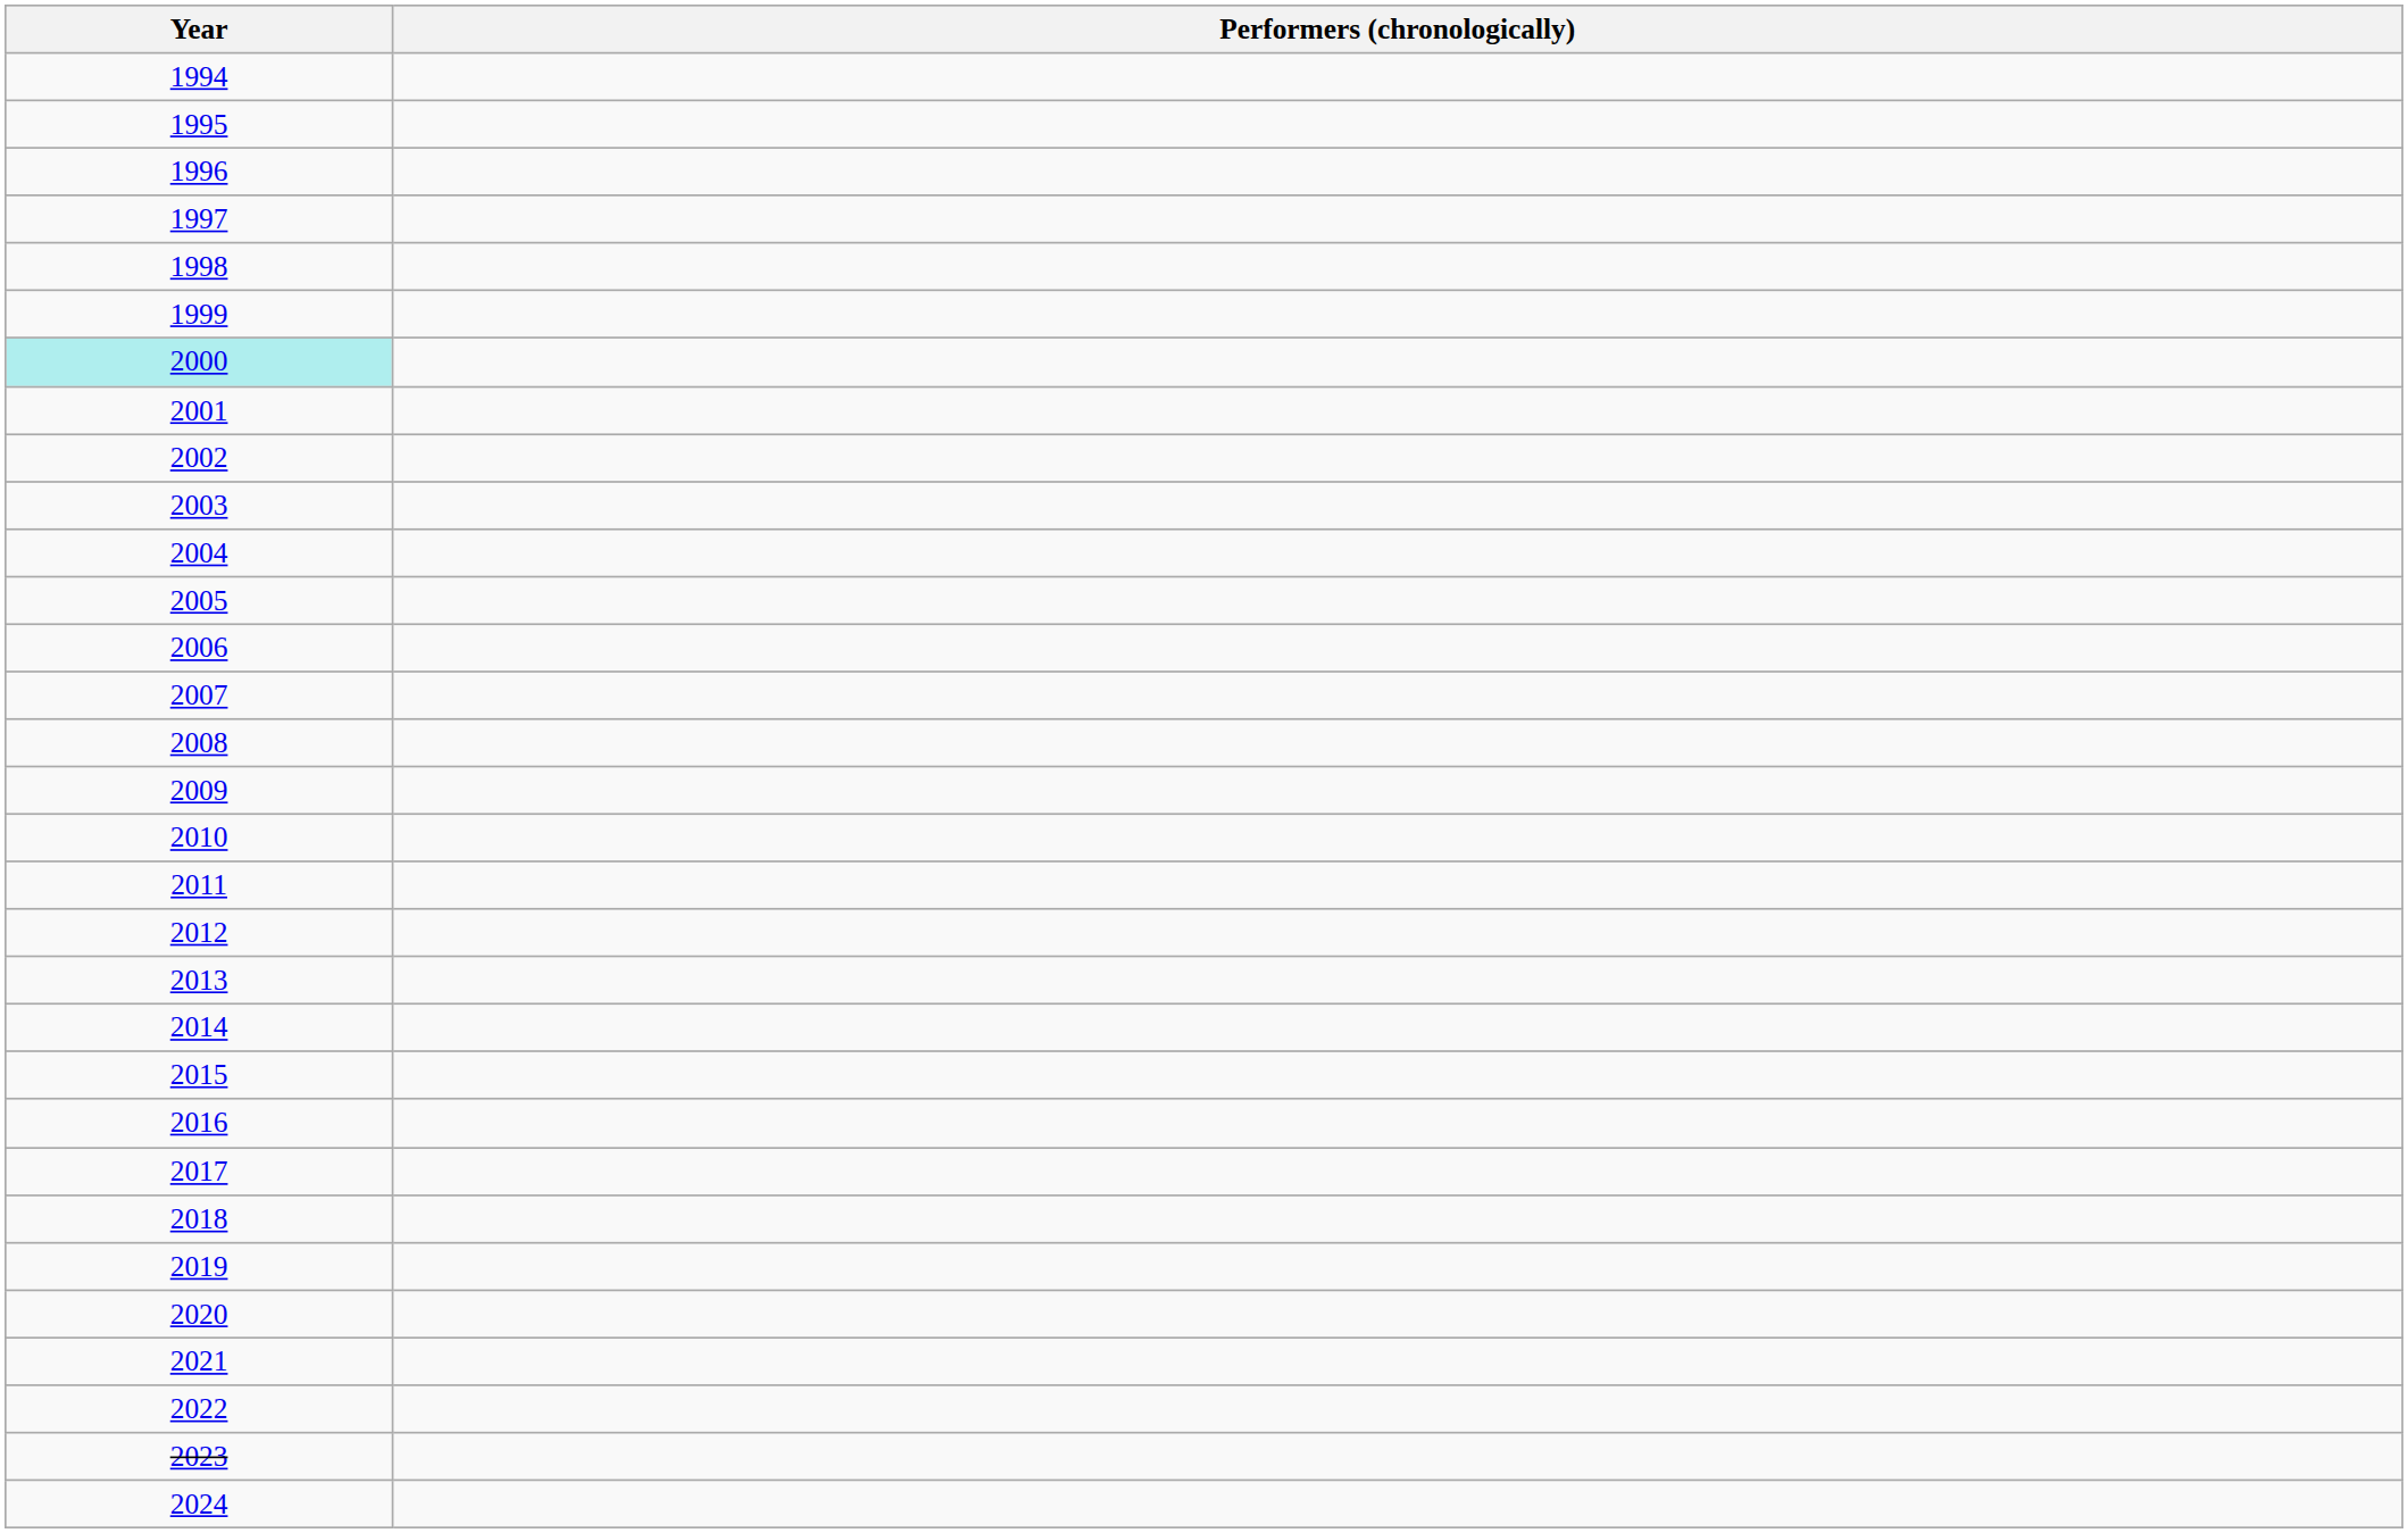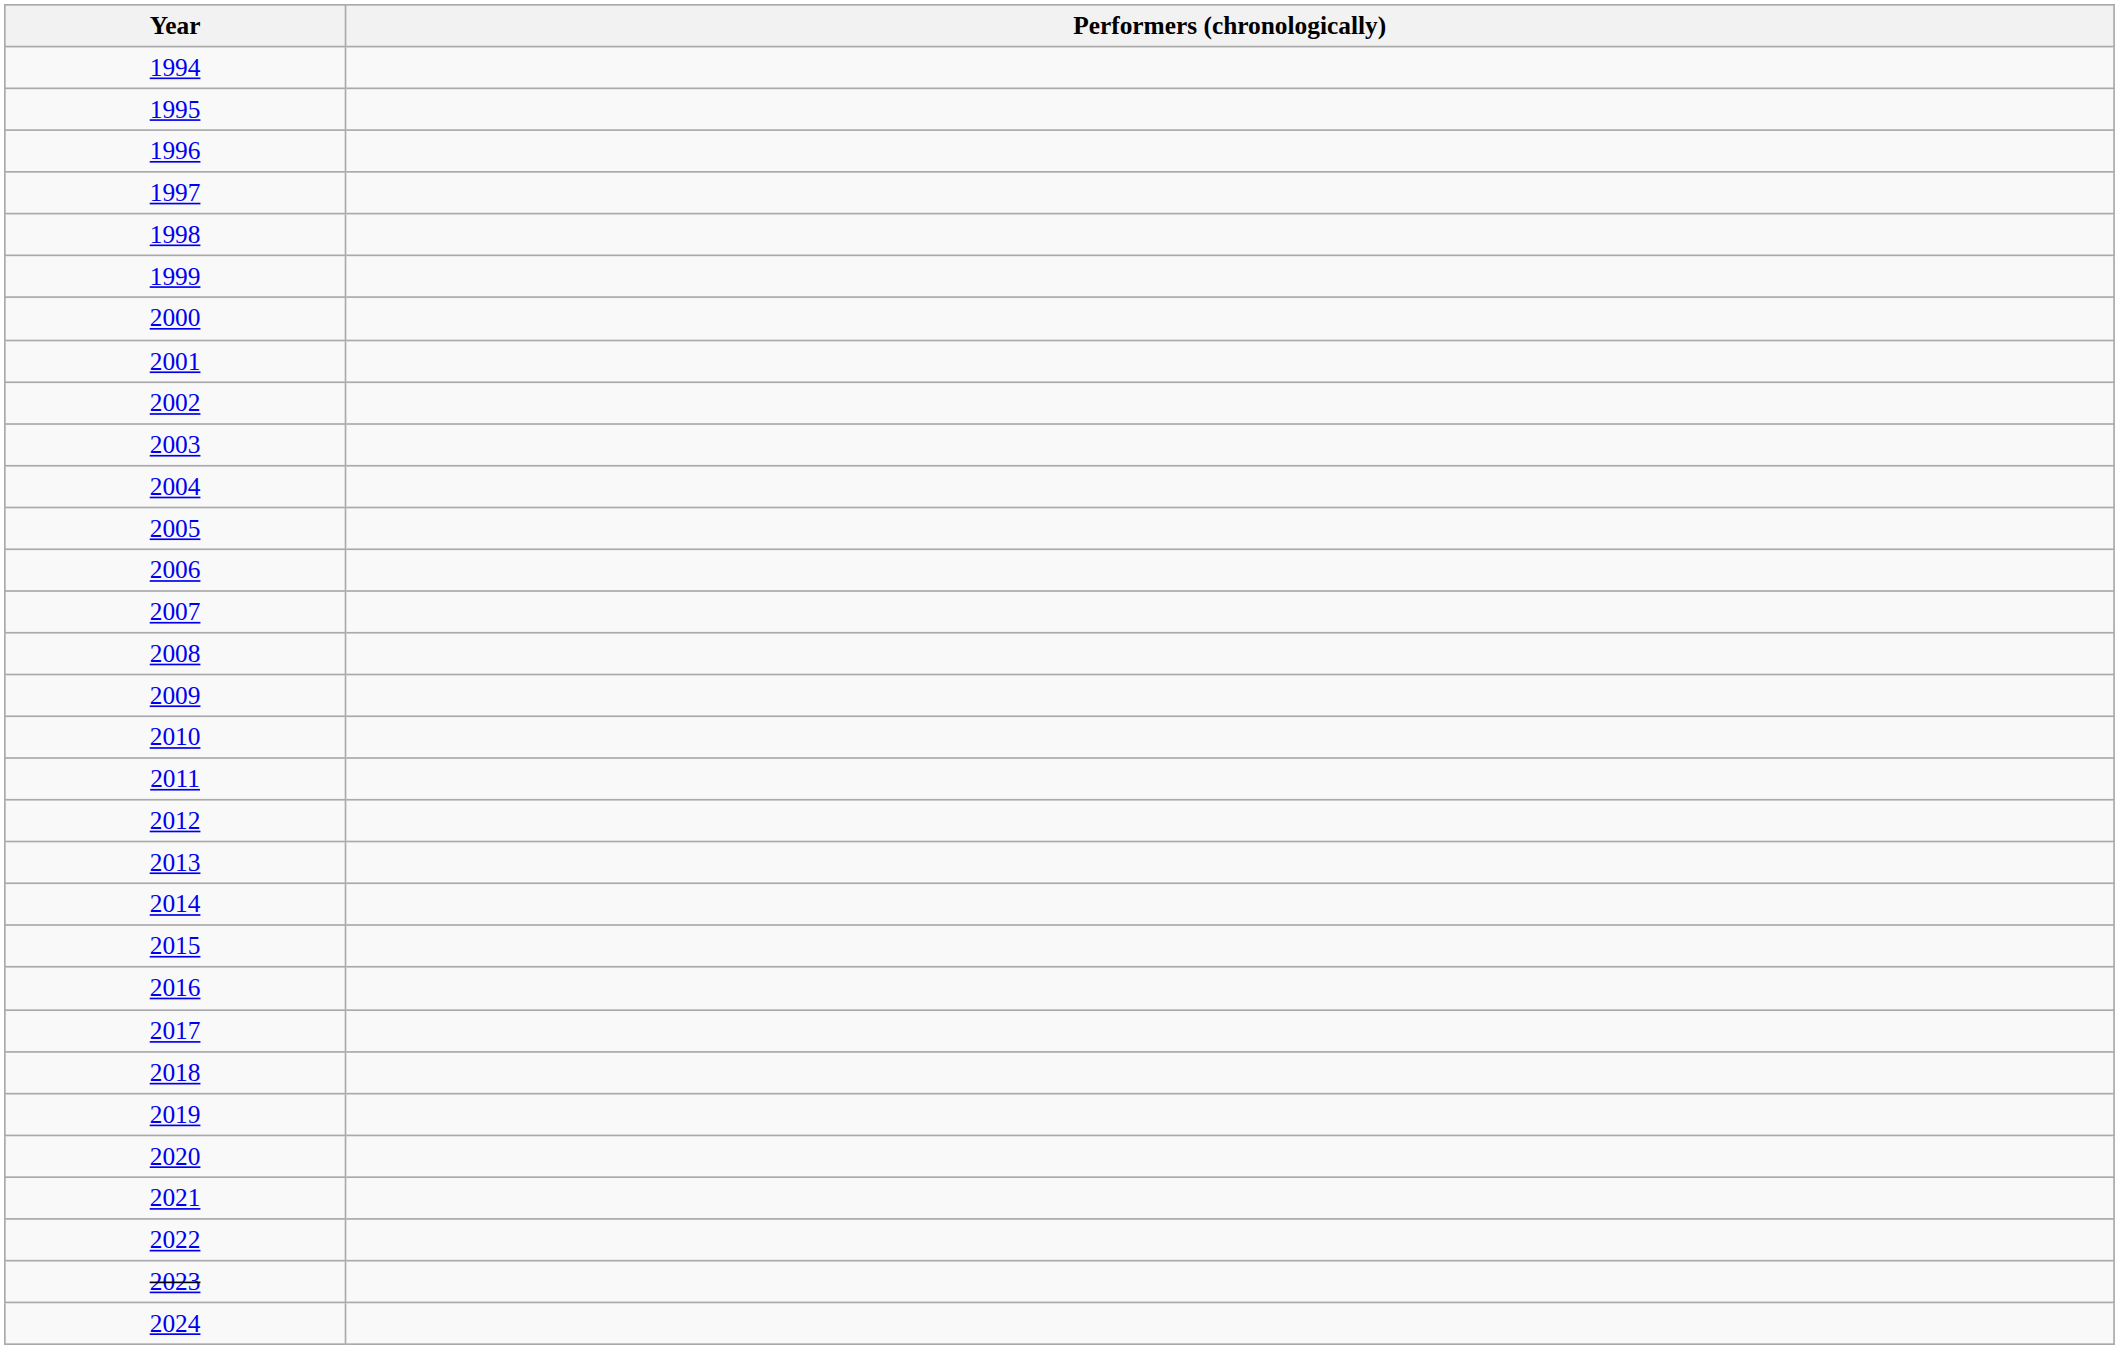 <table class="wikitable sortable" style="font-size:95%; width:100%;">
 <tr>
 <th>Year</th>
 <th>Performers (chronologically)</th>
 </tr>
 <tr>
 <td align="center"><a href='#'>1994</a></td>
 <td></td>
 </tr>
 <tr>
 <td align="center"><a href='#'>1995</a></td>
 <td></td>
 </tr>
 <tr>
 <td align="center"><a href='#'>1996</a></td>
 <td></td>
 </tr>
 <tr>
 <td align="center"><a href='#'>1997</a></td>
 <td></td>
 </tr>
 <tr>
 <td align="center"><a href='#'>1998</a></td>
 <td></td>
 </tr>
 <tr>
 <td align="center"><a href='#'>1999</a></td>
 <td></td>
 </tr>
 <tr>
-<td align="center" style="background: paleturquoise;"><a href='#'>2000</a></td>
+<td align="center"><a href='#'>2000</a></td>
 <td></td>
 </tr>
 <tr>
 <td align="center"><a href='#'>2001</a></td>
 <td></td>
 </tr>
 <tr>
 <td align="center"><a href='#'>2002</a></td>
 <td></td>
 </tr>
 <tr>
 <td align="center"><a href='#'>2003</a></td>
 <td></td>
 </tr>
 <tr>
 <td align="center"><a href='#'>2004</a></td>
 <td></td>
 </tr>
 <tr>
 <td align="center"><a href='#'>2005</a></td>
 <td></td>
 </tr>
 <tr>
 <td align="center"><a href='#'>2006</a></td>
 <td></td>
 </tr>
 <tr>
 <td align="center"><a href='#'>2007</a></td>
 <td></td>
 </tr>
 <tr>
 <td align="center"><a href='#'>2008</a></td>
 <td></td>
 </tr>
 <tr>
 <td align="center"><a href='#'>2009</a></td>
 <td></td>
 </tr>
 <tr>
 <td align="center"><a href='#'>2010</a></td>
 <td></td>
 </tr>
 <tr>
 <td align="center"><a href='#'>2011</a></td>
 <td></td>
 </tr>
 <tr>
 <td align="center"><a href='#'>2012</a></td>
 <td></td>
 </tr>
 <tr>
 <td align="center"><a href='#'>2013</a></td>
 <td></td>
 </tr>
 <tr>
 <td align="center"><a href='#'>2014</a></td>
 <td></td>
 </tr>
 <tr>
 <td align="center"><a href='#'>2015</a></td>
 <td></td>
 </tr>
 <tr>
 <td align="center"><a href='#'>2016</a></td>
 <td></td>
 </tr>
 <tr>
 <td align="center"><a href='#'>2017</a></td>
 <td></td>
 </tr>
 <tr>
 <td align="center"><a href='#'>2018</a></td>
 <td></td>
 </tr>
 <tr>
 <td align="center"><a href='#'>2019</a></td>
 <td></td>
 </tr>
 <tr>
 <td align="center"><a href='#'>2020</a></td>
 <td></td>
 </tr>
 <tr>
 <td align="center"><a href='#'>2021</a></td>
 <td></td>
 </tr>
 <tr>
 <td align="center"><a href='#'>2022</a></td>
 <td></td>
 </tr>
 <tr>
 <td align="center"><s><a href='#'>2023</a></s></td>
 <td><s></s></td>
 </tr>
 <tr>
 <td align="center"><a href='#'>2024</a></td>
 <td></td>
 </tr>
 </table>
